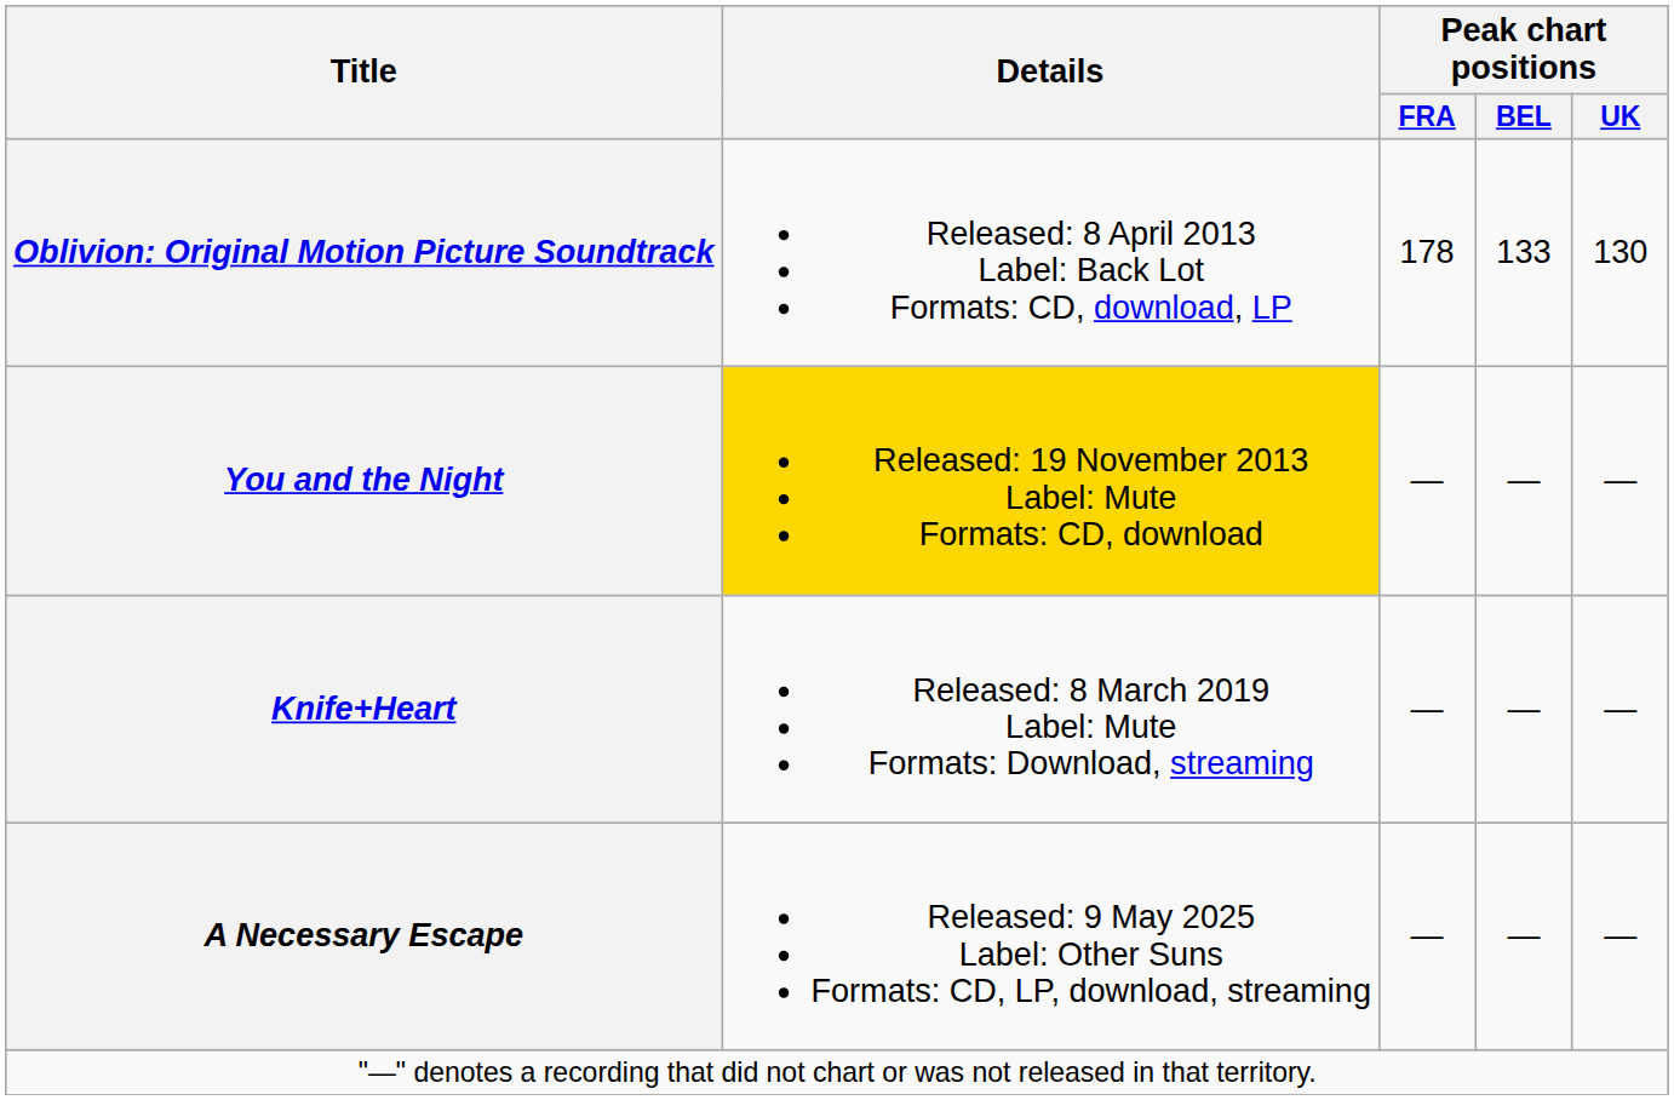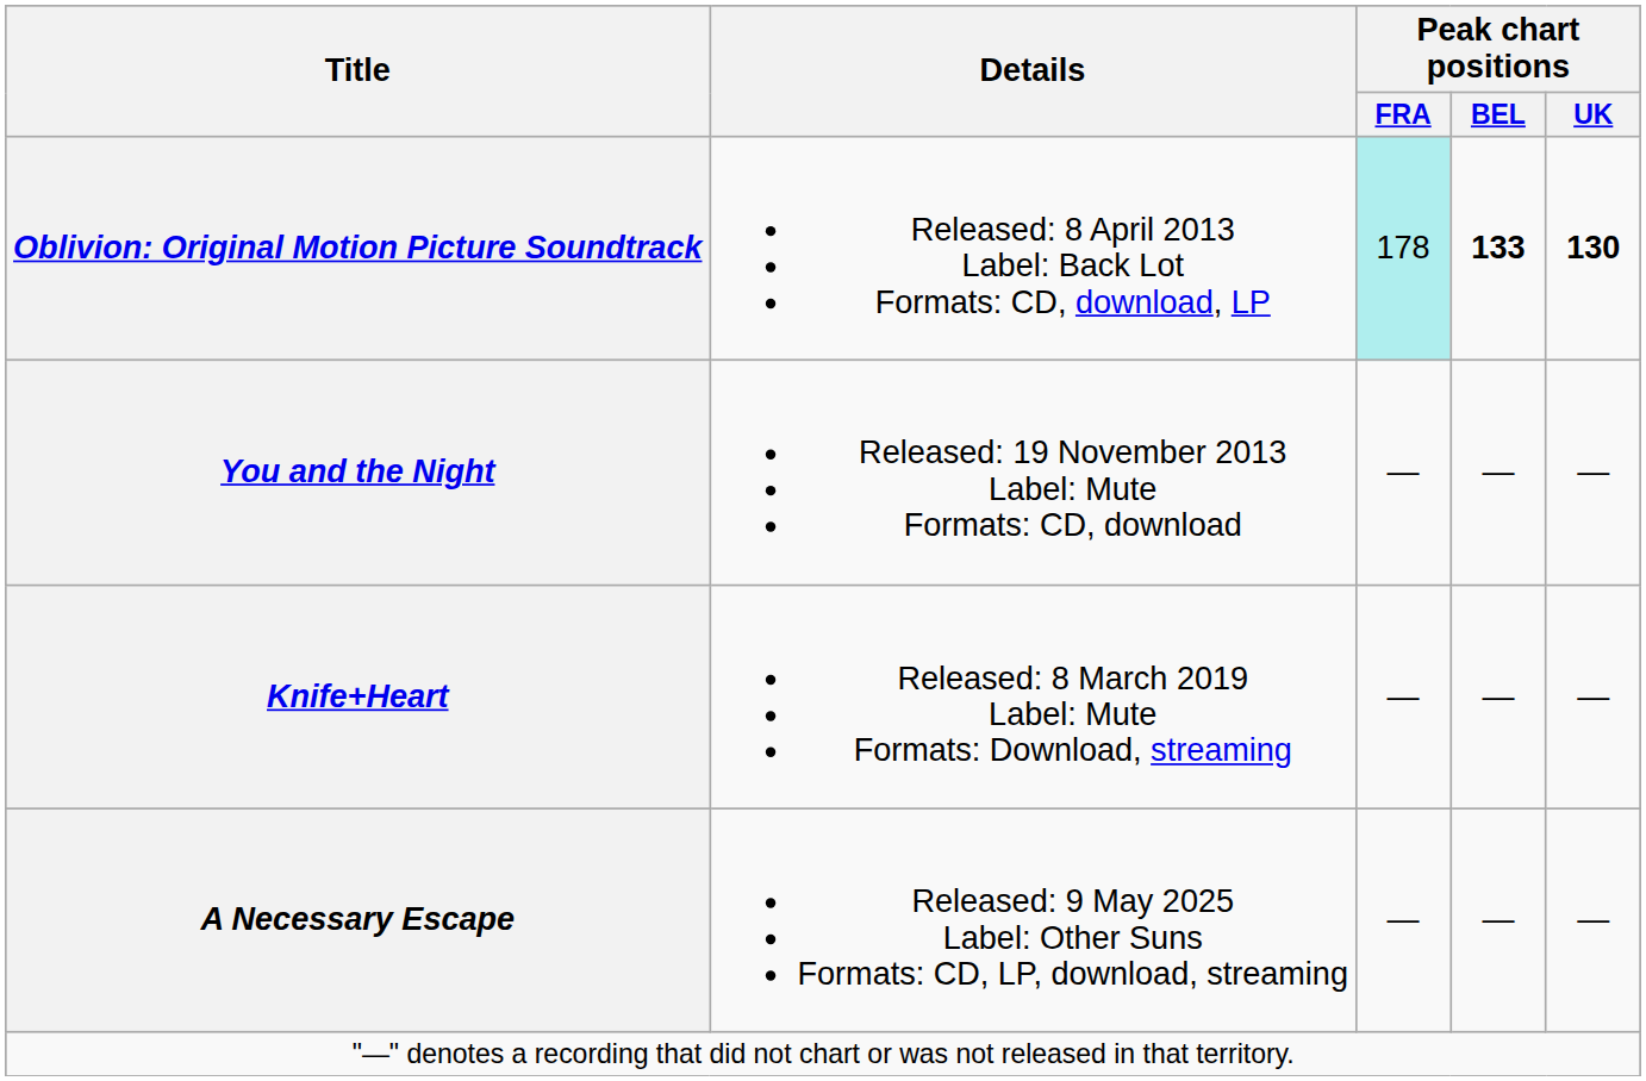 <table class="wikitable plainrowheaders" style="text-align:center;">
 <tr>
 <th scope="col" rowspan="2">Title</th>
 <th scope="col" rowspan="2">Details</th>
 <th scope="col" colspan="3">Peak chart positions</th>
 </tr>
 <tr>
 <th scope="col" style="width:3em;font-size:85%;"><a href='#'>FRA</a><br></th>
 <th scope="col" style="width:3em;font-size:85%;"><a href='#'>BEL</a><br></th>
 <th scope="col" style="width:3em;font-size:85%;"><a href='#'>UK</a><br></th>
 </tr>
 <tr>
 <th scope="row"><em><a href='#'>Oblivion: Original Motion Picture Soundtrack</a></em></th>
 <td><br><ul><li>Released: 8 April 2013</li><li>Label: Back Lot</li><li>Formats: CD, <a href='#'>download</a>, <a href='#'>LP</a></li></ul></td>
-<td>178</td>
-<td>133</td>
-<td>130</td>
+<td style="background: paleturquoise;">178</td>
+<td><strong>133</strong></td>
+<td><strong>130</strong></td>
 </tr>
 <tr>
 <th scope="row"><em><a href='#'>You and the Night</a></em></th>
-<td style="background: gold;"><br><ul><li>Released: 19 November 2013</li><li>Label: Mute</li><li>Formats: CD, download</li></ul></td>
+<td><br><ul><li>Released: 19 November 2013</li><li>Label: Mute</li><li>Formats: CD, download</li></ul></td>
 <td>—</td>
 <td>—</td>
 <td>—</td>
 </tr>
 <tr>
 <th scope="row"><em><a href='#'>Knife+Heart</a></em></th>
 <td><br><ul><li>Released: 8 March 2019</li><li>Label: Mute</li><li>Formats: Download, <a href='#'>streaming</a></li></ul></td>
 <td>—</td>
 <td>—</td>
 <td>—</td>
 </tr>
 <tr>
 <th scope="row"><em>A Necessary Escape</em></th>
 <td><br><ul><li>Released: 9 May 2025</li><li>Label: Other Suns</li><li>Formats: CD, LP, download, streaming</li></ul></td>
 <td>—</td>
 <td>—</td>
 <td>—</td>
 </tr>
 <tr>
 <td colspan="20" style="font-size:85%">"—" denotes a recording that did not chart or was not released in that territory.</td>
 </tr>
 </table>
